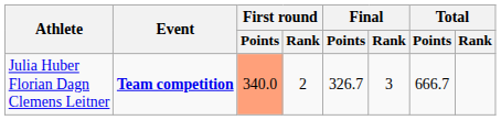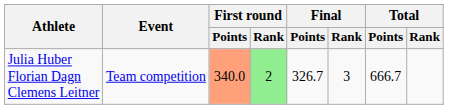 <table class="wikitable" style="font-size:90%">
 <tr>
 <th rowspan=2>Athlete</th>
 <th rowspan=2>Event</th>
 <th colspan=2>First round</th>
 <th colspan=2>Final</th>
 <th colspan=2>Total</th>
 </tr>
 <tr style="font-size:95%">
 <th>Points</th>
 <th>Rank</th>
 <th>Points</th>
 <th>Rank</th>
 <th>Points</th>
 <th>Rank</th>
 </tr>
 <tr align=center>
 <td align=left><a href='#'>Julia Huber</a><br><a href='#'>Florian Dagn</a><br><a href='#'>Clemens Leitner</a></td>
-<td align=left><strong><a href='#'>Team competition</a></strong></td>
+<td align=left><a href='#'>Team competition</a></td>
 <td style="background: lightsalmon;">340.0</td>
-<td>2</td>
+<td style="background: lightgreen;">2</td>
 <td>326.7</td>
 <td>3</td>
 <td>666.7</td>
 <td></td>
 </tr>
 </table>
